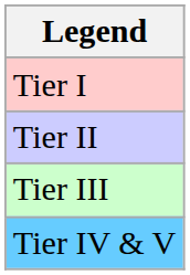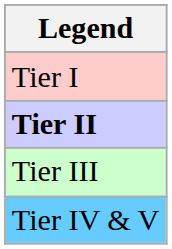 <table class="wikitable sortable mw-collapsible mw-collapsed">
 <tr>
 <th>Legend</th>
 </tr>
 <tr bgcolor="#ffcccc">
 <td>Tier I</td>
 </tr>
 <tr bgcolor="#ccccff">
-<td>Tier II</td>
+<td><strong>Tier II</strong></td>
 </tr>
 <tr bgcolor="#CCFFCC">
 <td>Tier III</td>
 </tr>
 <tr bgcolor="#66CCFF">
 <td>Tier IV & V</td>
 </tr>
 </table>
